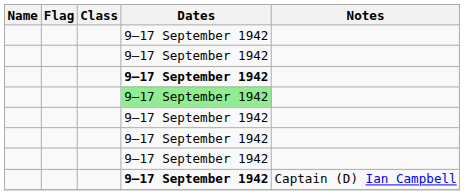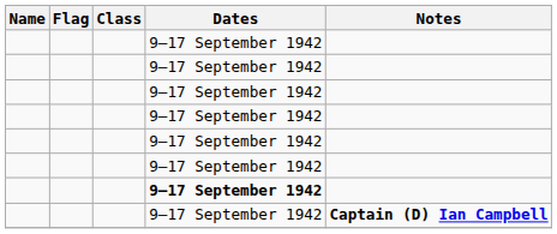 <table class="wikitable sortable">
 <tr>
 <th>Name</th>
 <th>Flag</th>
 <th>Class</th>
 <th>Dates</th>
 <th class="unsortable">Notes</th>
 </tr>
 <tr>
 <td></td>
 <td></td>
 <td></td>
 <td>9–17 September 1942</td>
 <td></td>
 </tr>
 <tr>
 <td></td>
 <td></td>
 <td></td>
 <td>9–17 September 1942</td>
 <td></td>
 </tr>
 <tr>
 <td></td>
 <td></td>
 <td></td>
-<td><strong>9–17 September 1942</strong></td>
-<td></td>
-</tr>
-<tr>
-<td></td>
-<td></td>
-<td></td>
-<td style="background: lightgreen;">9–17 September 1942</td>
+<td>9–17 September 1942</td>
 <td></td>
 </tr>
 <tr>
 <td></td>
 <td></td>
 <td></td>
 <td>9–17 September 1942</td>
 <td></td>
 </tr>
 <tr>
 <td></td>
 <td></td>
 <td></td>
 <td>9–17 September 1942</td>
 <td></td>
 </tr>
 <tr>
 <td></td>
 <td></td>
 <td></td>
 <td>9–17 September 1942</td>
 <td></td>
 </tr>
 <tr>
 <td></td>
 <td></td>
 <td></td>
 <td><strong>9–17 September 1942</strong></td>
-<td>Captain (D) <a href='#'>Ian Campbell</a></td>
+<td></td>
+</tr>
+<tr>
+<td></td>
+<td></td>
+<td></td>
+<td>9–17 September 1942</td>
+<td><strong>Captain (D) <a href='#'>Ian Campbell</a></strong></td>
 </tr>
 <tr>
 </tr>
 </table>
